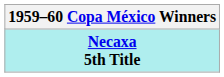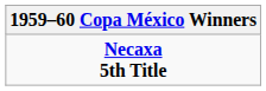 <table class="wikitable" style="text-align: center; margin: 0 auto;">
 <tr>
 <th>1959–60 <a href='#'>Copa México</a> Winners</th>
 </tr>
 <tr>
-<td style="background: paleturquoise;"><strong><a href='#'>Necaxa</a></strong><br><strong>5th Title</strong></td>
+<td><strong><a href='#'>Necaxa</a></strong><br><strong>5th Title</strong></td>
 </tr>
 </table>
